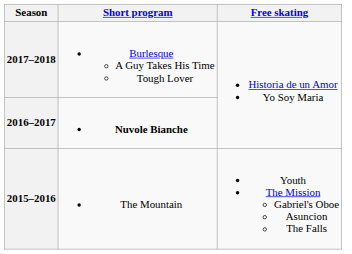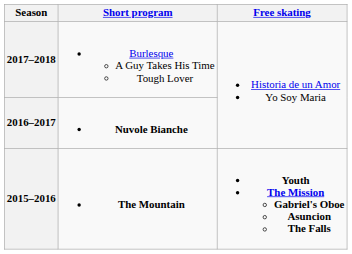 <table class=wikitable style=text-align:center>
 <tr>
 <th>Season</th>
 <th><a href='#'>Short program</a></th>
 <th><a href='#'>Free skating</a></th>
 </tr>
 <tr>
 <th>2017–2018 <br> </th>
 <td><br><ul><li><a href='#'>Burlesque</a><ul><li>A Guy Takes His Time <br></li><li>Tough Lover <br></li></ul></li></ul></td>
 <td rowspan=2><br><ul><li><a href='#'>Historia de un Amor</a> <br></li><li>Yo Soy Maria <br></li></ul></td>
 </tr>
 <tr>
 <th>2016–2017 <br> </th>
 <td><strong><br><ul><li>Nuvole Bianche <br></li></ul></strong></td>
 </tr>
 <tr>
 <th>2015–2016 <br> </th>
-<td><br><ul><li>The Mountain <br></li></ul></td>
-<td><br><ul><li>Youth <br></li><li><a href='#'>The Mission</a> <br><ul><li>Gabriel's Oboe</li><li>Asuncion</li><li>The Falls <br></li></ul></li></ul></td>
+<td><strong><br><ul><li>The Mountain <br></li></ul></strong></td>
+<td><strong><br><ul><li>Youth <br></li><li><a href='#'>The Mission</a> <br><ul><li>Gabriel's Oboe</li><li>Asuncion</li><li>The Falls <br></li></ul></li></ul></strong></td>
 </tr>
 </table>
